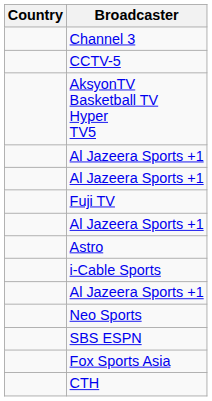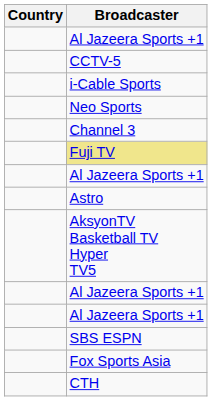 <table class="wikitable">
 <tr>
 <th align=center>Country</th>
 <th align=center>Broadcaster</th>
 </tr>
 <tr>
 <td align=left></td>
+<td><a href='#'>Al Jazeera Sports +1</a></td>
+</tr>
+<tr>
+<td align=left></td>
+<td><a href='#'>CCTV-5</a></td>
+</tr>
+<tr>
+<td align=left></td>
+<td><a href='#'>i-Cable Sports</a></td>
+</tr>
+<tr>
+<td align=left></td>
+<td><a href='#'>Neo Sports</a></td>
+</tr>
+<tr>
+<td align=left></td>
 <td><a href='#'>Channel 3</a></td>
 </tr>
 <tr>
 <td align=left></td>
-<td><a href='#'>CCTV-5</a></td>
+<td style="background: khaki;"><a href='#'>Fuji TV</a></td>
+</tr>
+<tr>
+<td align=left></td>
+<td><a href='#'>Al Jazeera Sports +1</a></td>
+</tr>
+<tr>
+<td align=left></td>
+<td><a href='#'>Astro</a></td>
 </tr>
 <tr>
 <td align=left></td>
 <td><a href='#'>AksyonTV</a><br><a href='#'>Basketball TV</a><br><a href='#'>Hyper</a><br><a href='#'>TV5</a></td>
 </tr>
 <tr>
 <td align=left></td>
 <td><a href='#'>Al Jazeera Sports +1</a></td>
 </tr>
 <tr>
 <td align=left></td>
 <td><a href='#'>Al Jazeera Sports +1</a></td>
 </tr>
 <tr>
 <td align=left></td>
-<td><a href='#'>Fuji TV</a></td>
-</tr>
-<tr>
-<td align=left></td>
-<td><a href='#'>Al Jazeera Sports +1</a></td>
-</tr>
-<tr>
-<td align=left></td>
-<td><a href='#'>Astro</a></td>
-</tr>
-<tr>
-<td align=left></td>
-<td><a href='#'>i-Cable Sports</a></td>
-</tr>
-<tr>
-<td align=left></td>
-<td><a href='#'>Al Jazeera Sports +1</a></td>
-</tr>
-<tr>
-<td align=left></td>
-<td><a href='#'>Neo Sports</a></td>
-</tr>
-<tr>
-<td align=left></td>
 <td><a href='#'>SBS ESPN</a></td>
 </tr>
 <tr>
 <td align=left></td>
 <td><a href='#'>Fox Sports Asia</a></td>
 </tr>
 <tr>
 <td align=left></td>
 <td><a href='#'>CTH</a></td>
 </tr>
 </table>
